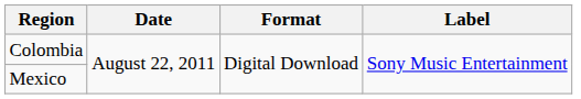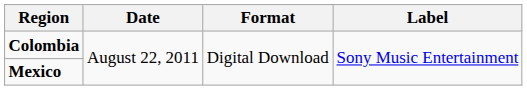 <table class=wikitable>
 <tr>
 <th>Region</th>
 <th>Date</th>
 <th>Format</th>
 <th>Label</th>
 </tr>
 <tr>
-<td>Colombia</td>
+<td><strong>Colombia</strong></td>
 <td rowspan="2">August 22, 2011</td>
 <td rowspan="2">Digital Download</td>
 <td rowspan="2"><a href='#'>Sony Music Entertainment</a></td>
 </tr>
 <tr>
-<td>Mexico</td>
+<td><strong>Mexico</strong></td>
 </tr>
 </table>
